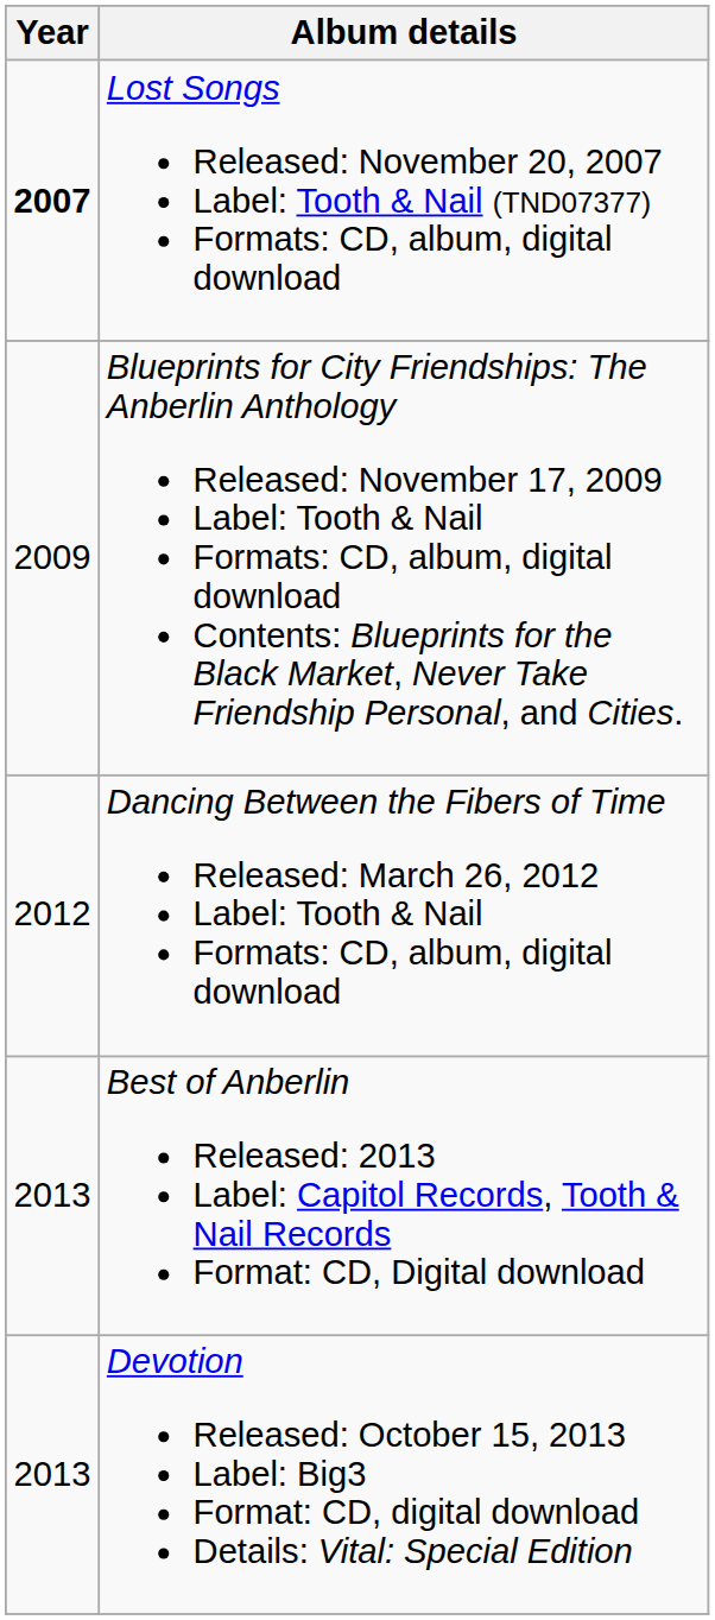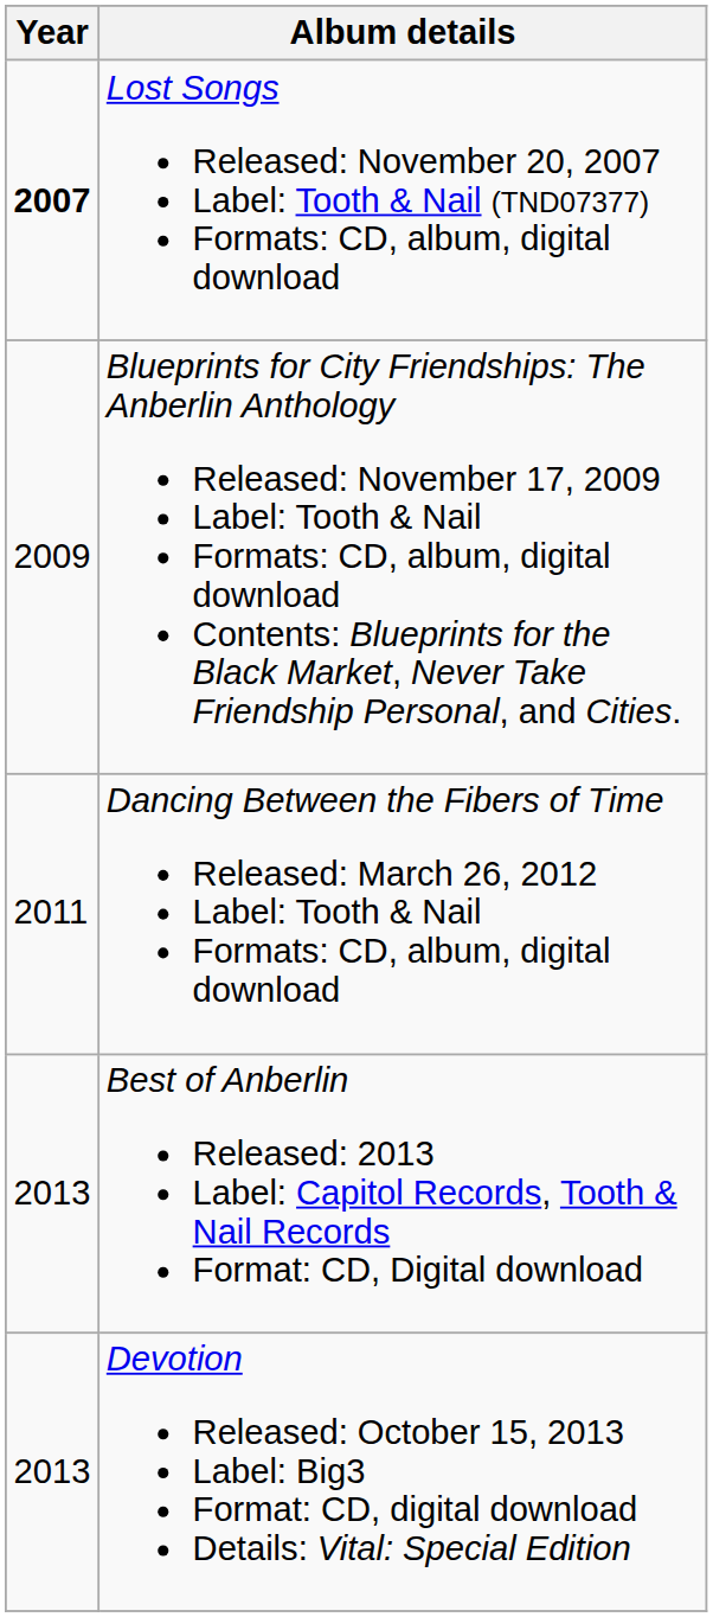 <table class="wikitable">
 <tr>
 <th>Year</th>
 <th style="width:275px;">Album details</th>
 </tr>
 <tr>
 <td><strong>2007</strong></td>
 <td><em><a href='#'>Lost Songs</a></em><br><ul><li>Released: November 20, 2007</li><li>Label: <a href='#'>Tooth & Nail</a> <small>(TND07377)</small></li><li>Formats: CD, album, digital download</li></ul></td>
 </tr>
 <tr>
 <td>2009</td>
 <td><em>Blueprints for City Friendships: The Anberlin Anthology</em><br><ul><li>Released: November 17, 2009</li><li>Label: Tooth & Nail</li><li>Formats: CD, album, digital download</li><li>Contents: <em>Blueprints for the Black Market</em>, <em>Never Take Friendship Personal</em>, and <em>Cities</em>.</li></ul></td>
 </tr>
 <tr>
-<td>2012</td>
+<td>2011</td>
 <td><em>Dancing Between the Fibers of Time</em><br><ul><li>Released: March 26, 2012</li><li>Label: Tooth & Nail</li><li>Formats: CD, album, digital download</li></ul></td>
 </tr>
 <tr>
 <td>2013</td>
 <td><em>Best of Anberlin</em><br><ul><li>Released: 2013</li><li>Label: <a href='#'>Capitol Records</a>, <a href='#'>Tooth & Nail Records</a></li><li>Format: CD, Digital download</li></ul></td>
 </tr>
 <tr>
 <td>2013</td>
 <td><em><a href='#'>Devotion</a></em><br><ul><li>Released: October 15, 2013</li><li>Label: Big3</li><li>Format: CD, digital download</li><li>Details: <em>Vital: Special Edition</em></li></ul></td>
 </tr>
 </table>
